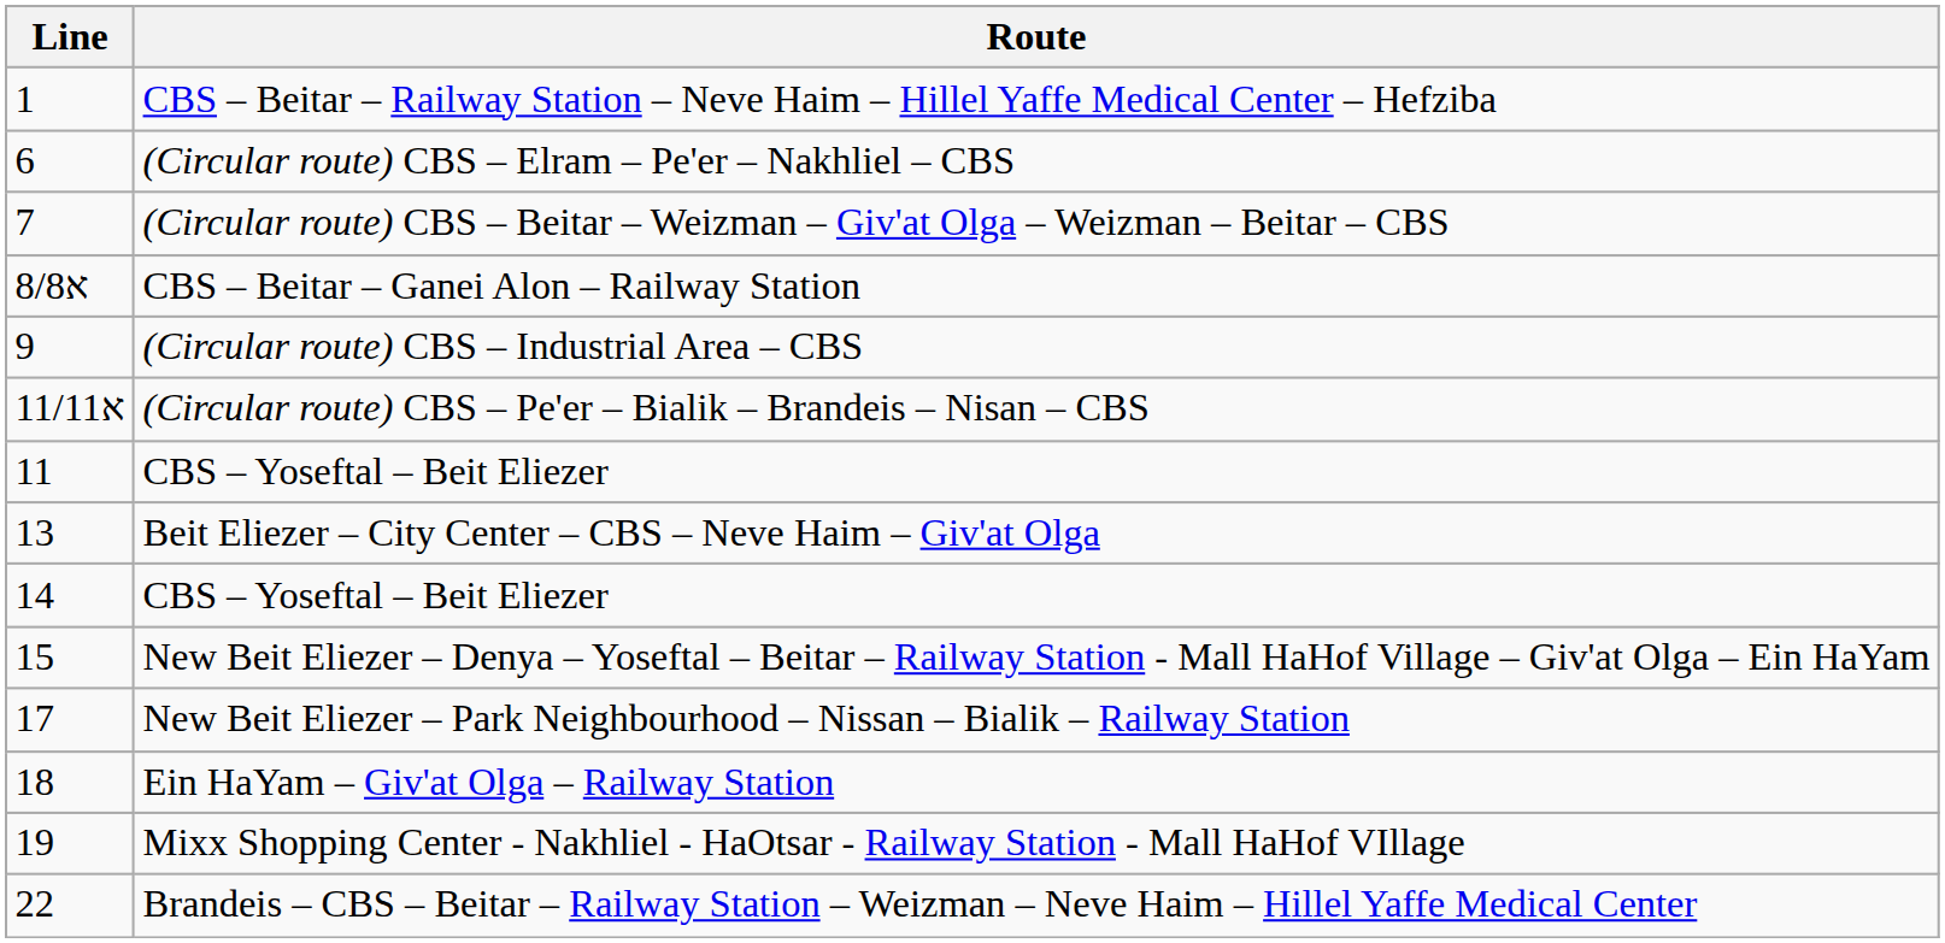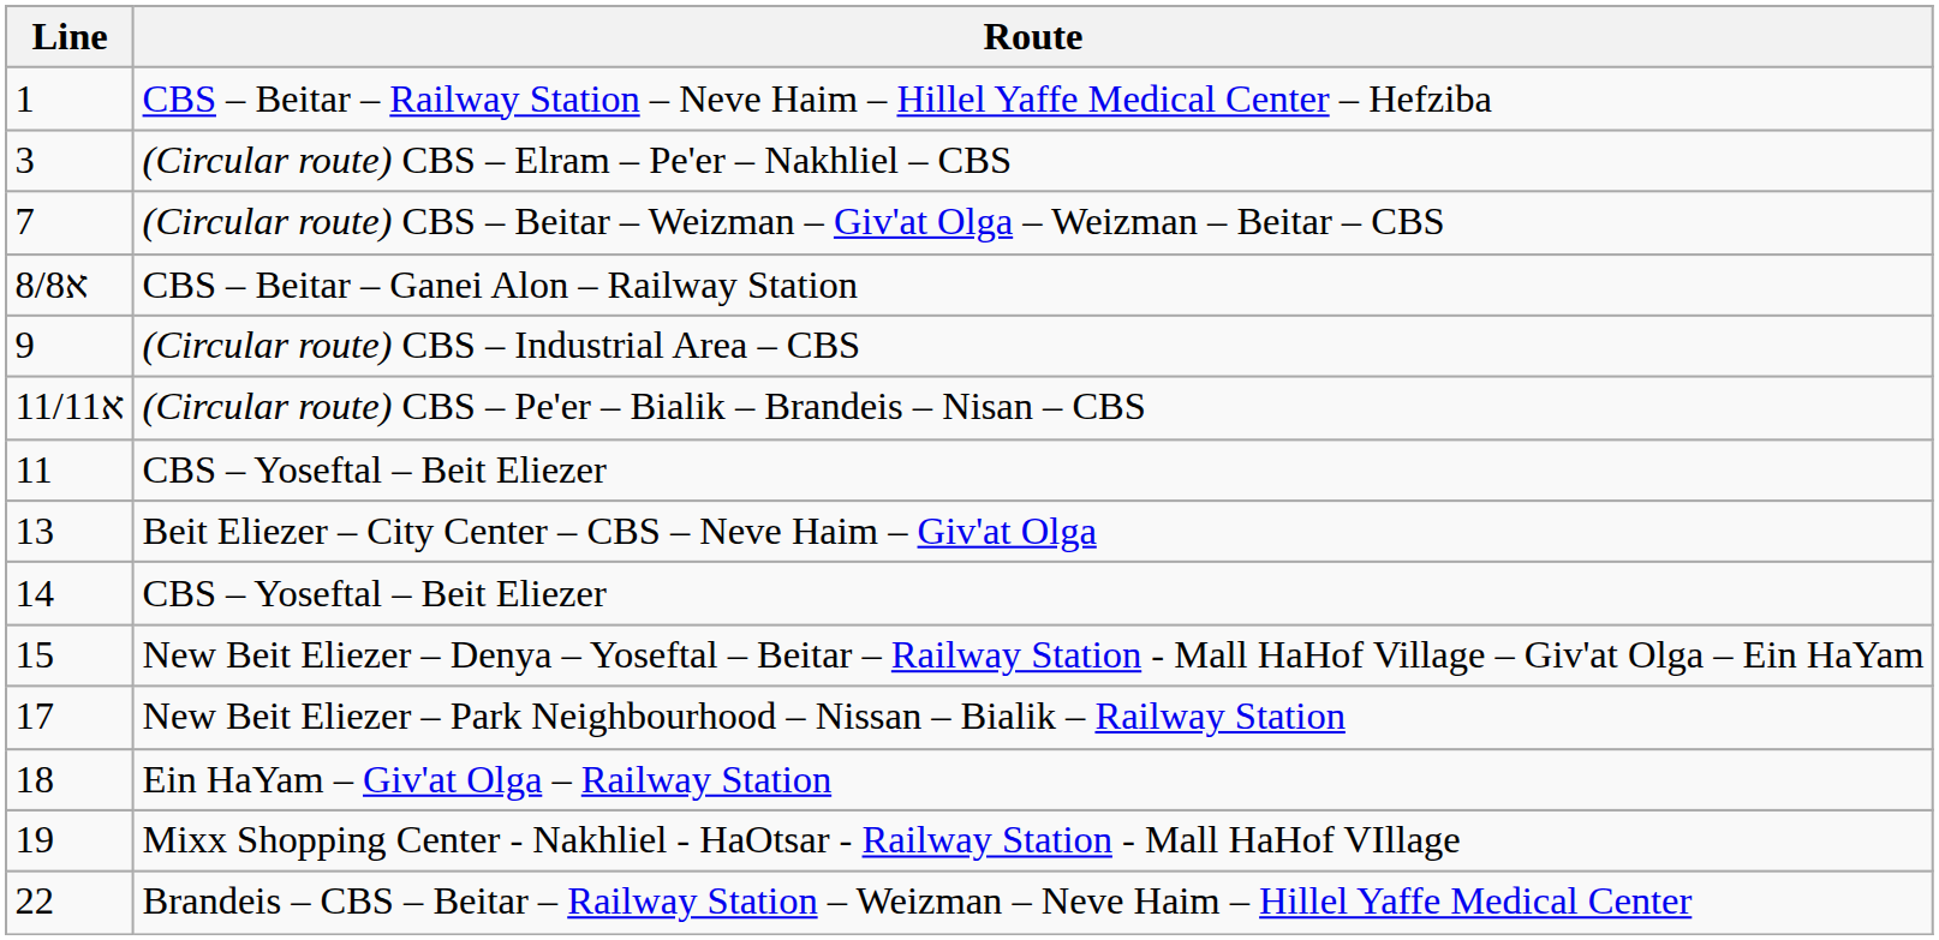 <table class="wikitable">
 <tr>
 <th>Line</th>
 <th>Route</th>
 </tr>
 <tr>
 <td>1</td>
 <td><a href='#'>CBS</a> – Beitar – <a href='#'>Railway Station</a> – Neve Haim – <a href='#'>Hillel Yaffe Medical Center</a> – Hefziba</td>
 </tr>
 <tr>
-<td>6</td>
+<td>3</td>
 <td><em>(Circular route)</em> CBS – Elram – Pe'er – Nakhliel – CBS</td>
 </tr>
 <tr>
 <td>7</td>
 <td><em>(Circular route)</em> CBS – Beitar – Weizman – <a href='#'>Giv'at Olga</a> – Weizman – Beitar – CBS</td>
 </tr>
 <tr>
 <td>8/8א</td>
 <td>CBS – Beitar – Ganei Alon – Railway Station</td>
 </tr>
 <tr>
 <td>9</td>
 <td><em>(Circular route)</em> CBS – Industrial Area – CBS</td>
 </tr>
 <tr>
 <td>11/11א</td>
 <td><em>(Circular route)</em> CBS – Pe'er – Bialik – Brandeis – Nisan – CBS</td>
 </tr>
 <tr>
 <td>11</td>
 <td>CBS – Yoseftal – Beit Eliezer</td>
 </tr>
 <tr>
 <td>13</td>
 <td>Beit Eliezer – City Center – CBS – Neve Haim – <a href='#'>Giv'at Olga</a></td>
 </tr>
 <tr>
 <td>14</td>
 <td>CBS – Yoseftal – Beit Eliezer</td>
 </tr>
 <tr>
 <td>15</td>
 <td>New Beit Eliezer – Denya – Yoseftal – Beitar – <a href='#'>Railway Station</a> - Mall HaHof Village – Giv'at Olga – Ein HaYam</td>
 </tr>
 <tr>
 <td>17</td>
 <td>New Beit Eliezer – Park Neighbourhood – Nissan – Bialik – <a href='#'>Railway Station</a></td>
 </tr>
 <tr>
 <td>18</td>
 <td>Ein HaYam – <a href='#'>Giv'at Olga</a> – <a href='#'>Railway Station</a></td>
 </tr>
 <tr>
 <td>19</td>
 <td>Mixx Shopping Center - Nakhliel - HaOtsar - <a href='#'>Railway Station</a> - Mall HaHof VIllage</td>
 </tr>
 <tr>
 <td>22</td>
 <td>Brandeis – CBS – Beitar – <a href='#'>Railway Station</a> – Weizman – Neve Haim – <a href='#'>Hillel Yaffe Medical Center</a></td>
 </tr>
 </table>
